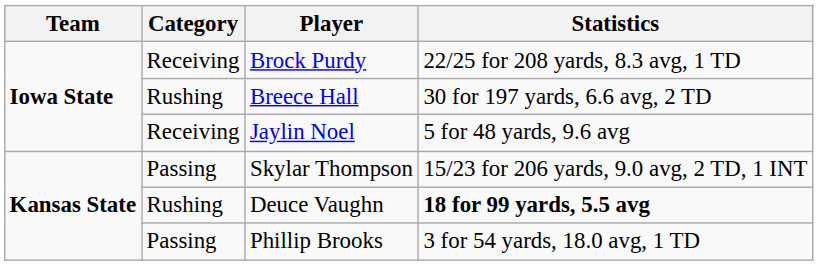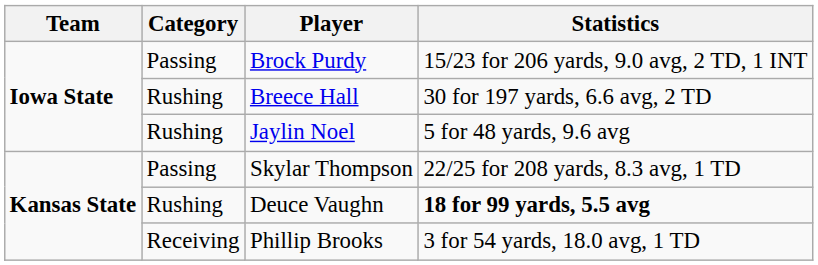 <table class="wikitable" style="float: right;">
 <tr>
 <th>Team</th>
 <th>Category</th>
 <th>Player</th>
 <th>Statistics</th>
 </tr>
 <tr>
 <td rowspan=3><strong>Iowa State</strong></td>
-<td>Receiving</td>
+<td>Passing</td>
 <td><a href='#'>Brock Purdy</a></td>
-<td>22/25 for 208 yards, 8.3 avg, 1 TD</td>
+<td>15/23 for 206 yards, 9.0 avg, 2 TD, 1 INT</td>
 </tr>
 <tr>
 <td>Rushing</td>
 <td><a href='#'>Breece Hall</a></td>
 <td>30 for 197 yards, 6.6 avg, 2 TD</td>
 </tr>
 <tr>
-<td>Receiving</td>
+<td>Rushing</td>
 <td><a href='#'>Jaylin Noel</a></td>
 <td>5 for 48 yards, 9.6 avg</td>
 </tr>
 <tr>
 <td rowspan=3><strong>Kansas State</strong></td>
 <td>Passing</td>
 <td>Skylar Thompson</td>
-<td>15/23 for 206 yards, 9.0 avg, 2 TD, 1 INT</td>
+<td>22/25 for 208 yards, 8.3 avg, 1 TD</td>
 </tr>
 <tr>
 <td>Rushing</td>
 <td>Deuce Vaughn</td>
 <td><strong>18 for 99 yards, 5.5 avg</strong></td>
 </tr>
 <tr>
-<td>Passing</td>
+<td>Receiving</td>
 <td>Phillip Brooks</td>
 <td>3 for 54 yards, 18.0 avg, 1 TD</td>
 </tr>
 </table>
